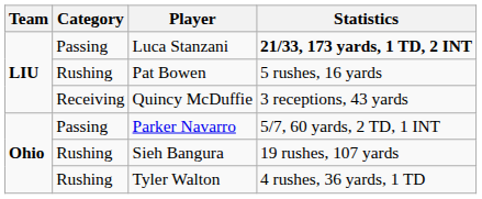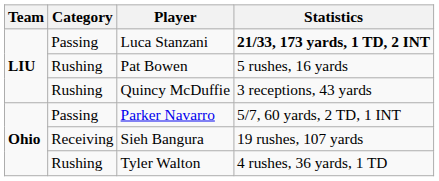 <table class="wikitable" style="float: right;">
 <tr>
 <th>Team</th>
 <th>Category</th>
 <th>Player</th>
 <th>Statistics</th>
 </tr>
 <tr>
 <td rowspan=3><strong>LIU</strong></td>
 <td>Passing</td>
 <td>Luca Stanzani</td>
 <td><strong>21/33, 173 yards, 1 TD, 2 INT</strong></td>
 </tr>
 <tr>
 <td>Rushing</td>
 <td>Pat Bowen</td>
 <td>5 rushes, 16 yards</td>
 </tr>
 <tr>
-<td>Receiving</td>
+<td>Rushing</td>
 <td>Quincy McDuffie</td>
 <td>3 receptions, 43 yards</td>
 </tr>
 <tr>
 <td rowspan=3><strong>Ohio</strong></td>
 <td>Passing</td>
 <td><a href='#'>Parker Navarro</a></td>
 <td>5/7, 60 yards, 2 TD, 1 INT</td>
 </tr>
 <tr>
-<td>Rushing</td>
+<td>Receiving</td>
 <td>Sieh Bangura</td>
 <td>19 rushes, 107 yards</td>
 </tr>
 <tr>
 <td>Rushing</td>
 <td>Tyler Walton</td>
 <td>4 rushes, 36 yards, 1 TD</td>
 </tr>
 </table>
